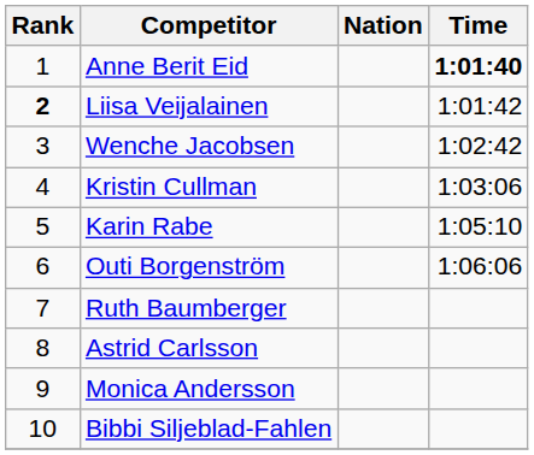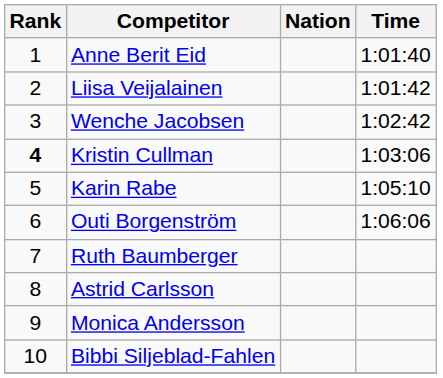 <table class="wikitable sortable" style="text-align:left">
 <tr>
 <th data-sort-type="number">Rank</th>
 <th class="unsortable">Competitor</th>
 <th>Nation</th>
 <th>Time</th>
 </tr>
 <tr>
 <td style="text-align:center">1</td>
 <td><a href='#'>Anne Berit Eid</a></td>
 <td></td>
-<td style="text-align:right"><strong>1:01:40</strong></td>
+<td style="text-align:right">1:01:40</td>
 </tr>
 <tr>
-<td style="text-align:center"><strong>2</strong></td>
+<td style="text-align:center">2</td>
 <td><a href='#'>Liisa Veijalainen</a></td>
 <td></td>
 <td style="text-align:right">1:01:42</td>
 </tr>
 <tr>
 <td style="text-align:center">3</td>
 <td><a href='#'>Wenche Jacobsen</a></td>
 <td></td>
 <td style="text-align:right">1:02:42</td>
 </tr>
 <tr>
-<td style="text-align:center">4</td>
+<td style="text-align:center"><strong>4</strong></td>
 <td><a href='#'>Kristin Cullman</a></td>
 <td></td>
 <td style="text-align:right">1:03:06</td>
 </tr>
 <tr>
 <td style="text-align:center">5</td>
 <td><a href='#'>Karin Rabe</a></td>
 <td></td>
 <td style="text-align:right">1:05:10</td>
 </tr>
 <tr>
 <td style="text-align:center">6</td>
 <td><a href='#'>Outi Borgenström</a></td>
 <td></td>
 <td style="text-align:right">1:06:06</td>
 </tr>
 <tr>
 <td style="text-align:center">7</td>
 <td><a href='#'>Ruth Baumberger</a></td>
 <td></td>
 <td style="text-align:right"></td>
 </tr>
 <tr>
 <td style="text-align:center">8</td>
 <td><a href='#'>Astrid Carlsson</a></td>
 <td></td>
 <td style="text-align:right"></td>
 </tr>
 <tr>
 <td style="text-align:center">9</td>
 <td><a href='#'>Monica Andersson</a></td>
 <td></td>
 <td style="text-align:right"></td>
 </tr>
 <tr>
 <td style="text-align:center">10</td>
 <td><a href='#'>Bibbi Siljeblad-Fahlen</a></td>
 <td></td>
 <td style="text-align:right"></td>
 </tr>
 <tr>
 </tr>
 </table>
